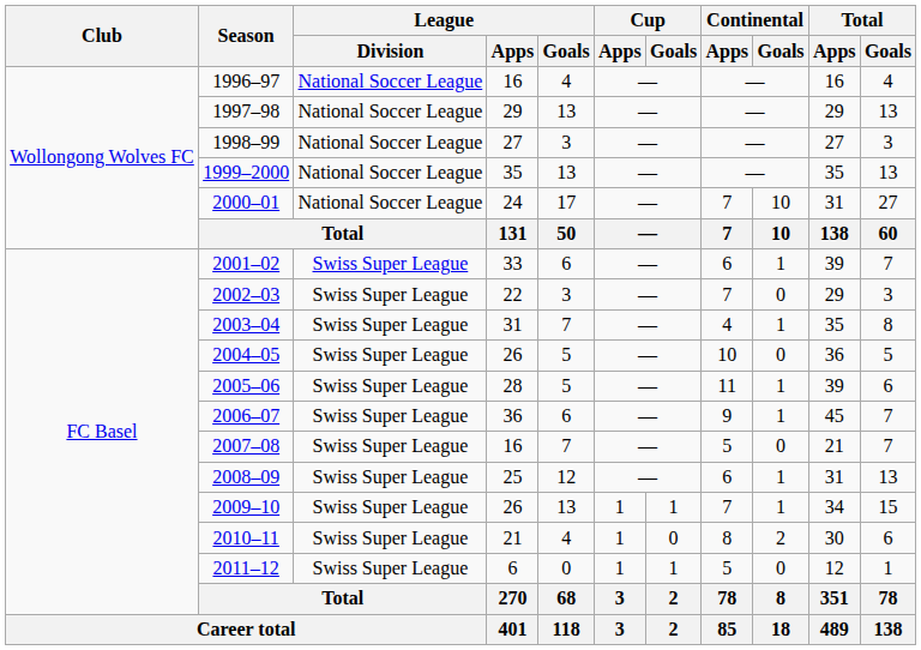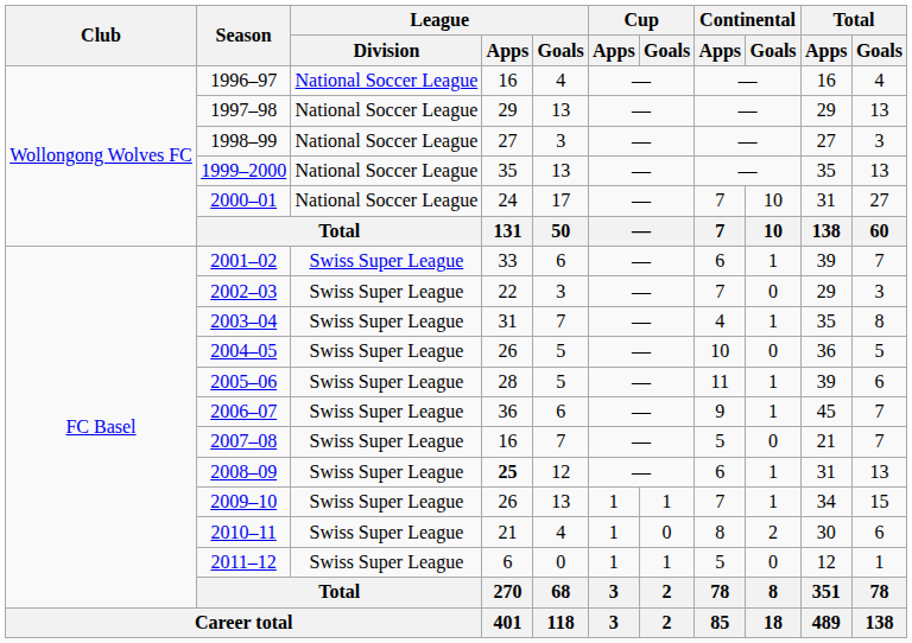 <table class="wikitable" style="text-align:center">
 <tr>
 <th rowspan="2">Club</th>
 <th rowspan="2">Season</th>
 <th colspan="3">League</th>
 <th colspan="2">Cup</th>
 <th colspan="2">Continental</th>
 <th colspan="2">Total</th>
 </tr>
 <tr>
 <th>Division</th>
 <th>Apps</th>
 <th>Goals</th>
 <th>Apps</th>
 <th>Goals</th>
 <th>Apps</th>
 <th>Goals</th>
 <th>Apps</th>
 <th>Goals</th>
 </tr>
 <tr>
 <td rowspan="6"><a href='#'>Wollongong Wolves FC</a></td>
 <td>1996–97</td>
 <td><a href='#'>National Soccer League</a></td>
 <td>16</td>
 <td>4</td>
 <td colspan="2">—</td>
 <td colspan="2">—</td>
 <td>16</td>
 <td>4</td>
 </tr>
 <tr>
 <td>1997–98</td>
 <td>National Soccer League</td>
 <td>29</td>
 <td>13</td>
 <td colspan="2">—</td>
 <td colspan="2">—</td>
 <td>29</td>
 <td>13</td>
 </tr>
 <tr>
 <td>1998–99</td>
 <td>National Soccer League</td>
 <td>27</td>
 <td>3</td>
 <td colspan="2">—</td>
 <td colspan="2">—</td>
 <td>27</td>
 <td>3</td>
 </tr>
 <tr>
 <td><a href='#'>1999–2000</a></td>
 <td>National Soccer League</td>
 <td>35</td>
 <td>13</td>
 <td colspan="2">—</td>
 <td colspan="2">—</td>
 <td>35</td>
 <td>13</td>
 </tr>
 <tr>
 <td><a href='#'>2000–01</a></td>
 <td>National Soccer League</td>
 <td>24</td>
 <td>17</td>
 <td colspan="2">—</td>
 <td>7</td>
 <td>10</td>
 <td>31</td>
 <td>27</td>
 </tr>
 <tr>
 <th colspan="2">Total</th>
 <th>131</th>
 <th>50</th>
 <th colspan="2">—</th>
 <th>7</th>
 <th>10</th>
 <th>138</th>
 <th>60</th>
 </tr>
 <tr>
 <td rowspan=12><a href='#'>FC Basel</a></td>
 <td><a href='#'>2001–02</a></td>
 <td><a href='#'>Swiss Super League</a></td>
 <td>33</td>
 <td>6</td>
 <td colspan="2">—</td>
 <td>6</td>
 <td>1</td>
 <td>39</td>
 <td>7</td>
 </tr>
 <tr>
 <td><a href='#'>2002–03</a></td>
 <td>Swiss Super League</td>
 <td>22</td>
 <td>3</td>
 <td colspan="2">—</td>
 <td>7</td>
 <td>0</td>
 <td>29</td>
 <td>3</td>
 </tr>
 <tr>
 <td><a href='#'>2003–04</a></td>
 <td>Swiss Super League</td>
 <td>31</td>
 <td>7</td>
 <td colspan="2">—</td>
 <td>4</td>
 <td>1</td>
 <td>35</td>
 <td>8</td>
 </tr>
 <tr>
 <td><a href='#'>2004–05</a></td>
 <td>Swiss Super League</td>
 <td>26</td>
 <td>5</td>
 <td colspan="2">—</td>
 <td>10</td>
 <td>0</td>
 <td>36</td>
 <td>5</td>
 </tr>
 <tr>
 <td><a href='#'>2005–06</a></td>
 <td>Swiss Super League</td>
 <td>28</td>
 <td>5</td>
 <td colspan="2">—</td>
 <td>11</td>
 <td>1</td>
 <td>39</td>
 <td>6</td>
 </tr>
 <tr>
 <td><a href='#'>2006–07</a></td>
 <td>Swiss Super League</td>
 <td>36</td>
 <td>6</td>
 <td colspan="2">—</td>
 <td>9</td>
 <td>1</td>
 <td>45</td>
 <td>7</td>
 </tr>
 <tr>
 <td><a href='#'>2007–08</a></td>
 <td>Swiss Super League</td>
 <td>16</td>
 <td>7</td>
 <td colspan="2">—</td>
 <td>5</td>
 <td>0</td>
 <td>21</td>
 <td>7</td>
 </tr>
 <tr>
 <td><a href='#'>2008–09</a></td>
 <td>Swiss Super League</td>
-<td>25</td>
+<td><strong>25</strong></td>
 <td>12</td>
 <td colspan="2">—</td>
 <td>6</td>
 <td>1</td>
 <td>31</td>
 <td>13</td>
 </tr>
 <tr>
 <td><a href='#'>2009–10</a></td>
 <td>Swiss Super League</td>
 <td>26</td>
 <td>13</td>
 <td>1</td>
 <td>1</td>
 <td>7</td>
 <td>1</td>
 <td>34</td>
 <td>15</td>
 </tr>
 <tr>
 <td><a href='#'>2010–11</a></td>
 <td>Swiss Super League</td>
 <td>21</td>
 <td>4</td>
 <td>1</td>
 <td>0</td>
 <td>8</td>
 <td>2</td>
 <td>30</td>
 <td>6</td>
 </tr>
 <tr>
 <td><a href='#'>2011–12</a></td>
 <td>Swiss Super League</td>
 <td>6</td>
 <td>0</td>
 <td>1</td>
 <td>1</td>
 <td>5</td>
 <td>0</td>
 <td>12</td>
 <td>1</td>
 </tr>
 <tr>
 <th colspan="2">Total</th>
 <th>270</th>
 <th>68</th>
 <th>3</th>
 <th>2</th>
 <th>78</th>
 <th>8</th>
 <th>351</th>
 <th>78</th>
 </tr>
 <tr>
 <th colspan="3">Career total</th>
 <th>401</th>
 <th>118</th>
 <th>3</th>
 <th>2</th>
 <th>85</th>
 <th>18</th>
 <th>489</th>
 <th>138</th>
 </tr>
 </table>
